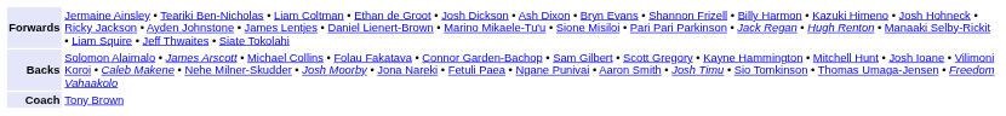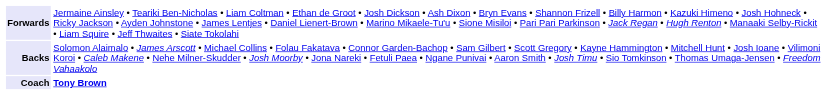 <table cellpadding="2" style="border: 1px solid white; font-size:90%;">
 <tr>
 <td style="text-align:right;" bgcolor="lavender"><strong>Forwards</strong></td>
 <td style="text-align:left;"><a href='#'>Jermaine Ainsley</a> • <a href='#'>Teariki Ben-Nicholas</a> • <a href='#'>Liam Coltman</a> • <a href='#'>Ethan de Groot</a> • <a href='#'>Josh Dickson</a> • <a href='#'>Ash Dixon</a> • <a href='#'>Bryn Evans</a> • <a href='#'>Shannon Frizell</a> • <a href='#'>Billy Harmon</a> • <a href='#'>Kazuki Himeno</a> • <a href='#'>Josh Hohneck</a> • <a href='#'>Ricky Jackson</a> • <a href='#'>Ayden Johnstone</a> • <a href='#'>James Lentjes</a> • <a href='#'>Daniel Lienert-Brown</a> • <a href='#'>Marino Mikaele-Tu'u</a> • <a href='#'>Sione Misiloi</a> • <a href='#'>Pari Pari Parkinson</a> • <em><a href='#'>Jack Regan</a></em> • <em><a href='#'>Hugh Renton</a></em> • <a href='#'>Manaaki Selby-Rickit</a> • <a href='#'>Liam Squire</a> • <a href='#'>Jeff Thwaites</a> • <a href='#'>Siate Tokolahi</a></td>
 </tr>
 <tr>
 <td style="text-align:right;" bgcolor="lavender"><strong>Backs</strong></td>
 <td style="text-align:left;"><a href='#'>Solomon Alaimalo</a> • <em><a href='#'>James Arscott</a></em> • <a href='#'>Michael Collins</a> • <a href='#'>Folau Fakatava</a> • <a href='#'>Connor Garden-Bachop</a> • <a href='#'>Sam Gilbert</a> • <a href='#'>Scott Gregory</a> • <a href='#'>Kayne Hammington</a> • <a href='#'>Mitchell Hunt</a> • <a href='#'>Josh Ioane</a> • <a href='#'>Vilimoni Koroi</a> • <em><a href='#'>Caleb Makene</a></em> • <a href='#'>Nehe Milner-Skudder</a> • <em><a href='#'>Josh Moorby</a></em> • <a href='#'>Jona Nareki</a> • <a href='#'>Fetuli Paea</a> • <a href='#'>Ngane Punivai</a> • <a href='#'>Aaron Smith</a> • <em><a href='#'>Josh Timu</a></em> • <a href='#'>Sio Tomkinson</a> • <a href='#'>Thomas Umaga-Jensen</a> • <em><a href='#'>Freedom Vahaakolo</a></em></td>
 </tr>
 <tr>
 <td style="text-align:right;" bgcolor="lavender"><strong>Coach</strong></td>
-<td style="text-align:left;"><a href='#'>Tony Brown</a></td>
+<td style="text-align:left;"><strong><a href='#'>Tony Brown</a></strong></td>
 </tr>
 </table>
